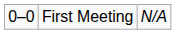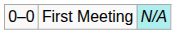 <table class="wikitable">
 <tr align="center">
 </tr>
 <tr align="center">
 <td>0–0</td>
 <td>First Meeting</td>
-<td><em>N/A</em></td>
+<td style="background: paleturquoise;"><em>N/A</em></td>
 </tr>
 </table>
